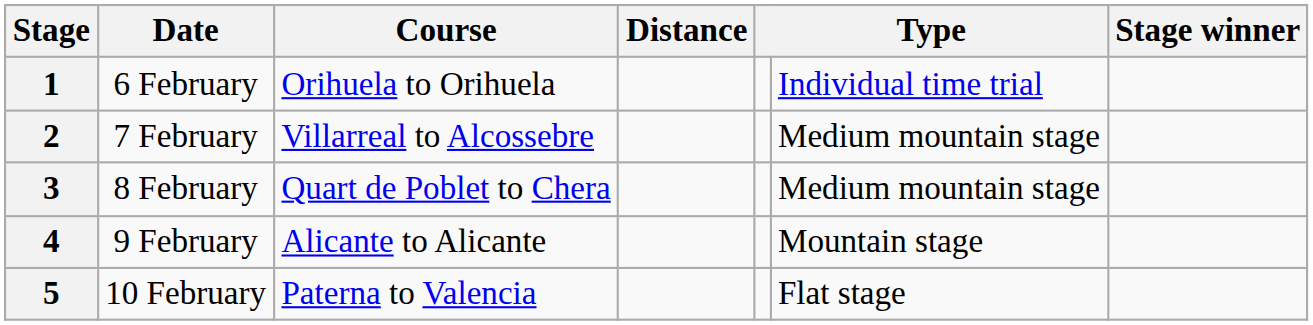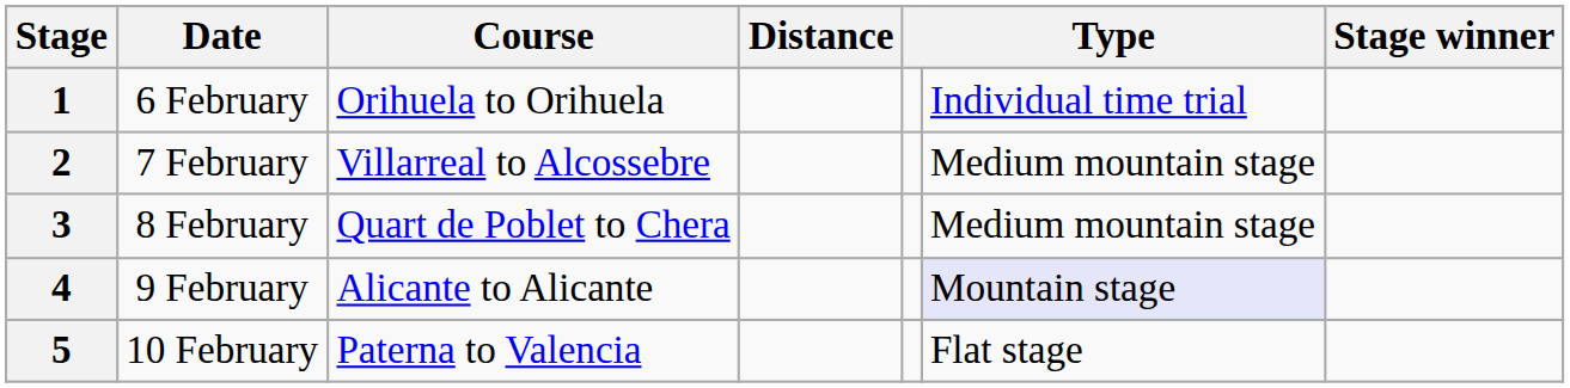 <table class="wikitable">
 <tr>
 <th scope="col">Stage</th>
 <th scope="col">Date</th>
 <th scope="col">Course</th>
 <th scope="col">Distance</th>
 <th scope="col" colspan="2">Type</th>
 <th scope="col">Stage winner</th>
 </tr>
 <tr>
 <th scope="row" style="text-align:center;">1</th>
 <td style="text-align:center;">6 February</td>
 <td><a href='#'>Orihuela</a> to Orihuela</td>
 <td style="text-align:center;"></td>
 <td></td>
 <td><a href='#'>Individual time trial</a></td>
 <td></td>
 </tr>
 <tr>
 <th scope="row" style="text-align:center;">2</th>
 <td style="text-align:center;">7 February</td>
 <td><a href='#'>Villarreal</a> to <a href='#'>Alcossebre</a></td>
 <td style="text-align:center;"></td>
 <td></td>
 <td>Medium mountain stage</td>
 <td></td>
 </tr>
 <tr>
 <th scope="row" style="text-align:center;">3</th>
 <td style="text-align:center;">8 February</td>
 <td><a href='#'>Quart de Poblet</a> to <a href='#'>Chera</a></td>
 <td style="text-align:center;"></td>
 <td></td>
 <td>Medium mountain stage</td>
 <td></td>
 </tr>
 <tr>
 <th scope="row" style="text-align:center;">4</th>
 <td style="text-align:center;">9 February</td>
 <td><a href='#'>Alicante</a> to Alicante</td>
 <td style="text-align:center;"></td>
 <td></td>
-<td>Mountain stage</td>
+<td style="background: lavender;">Mountain stage</td>
 <td></td>
 </tr>
 <tr>
 <th scope="row" style="text-align:center;">5</th>
 <td style="text-align:center;">10 February</td>
 <td><a href='#'>Paterna</a> to <a href='#'>Valencia</a></td>
 <td style="text-align:center;"></td>
 <td></td>
 <td>Flat stage</td>
 <td></td>
 </tr>
 </table>
